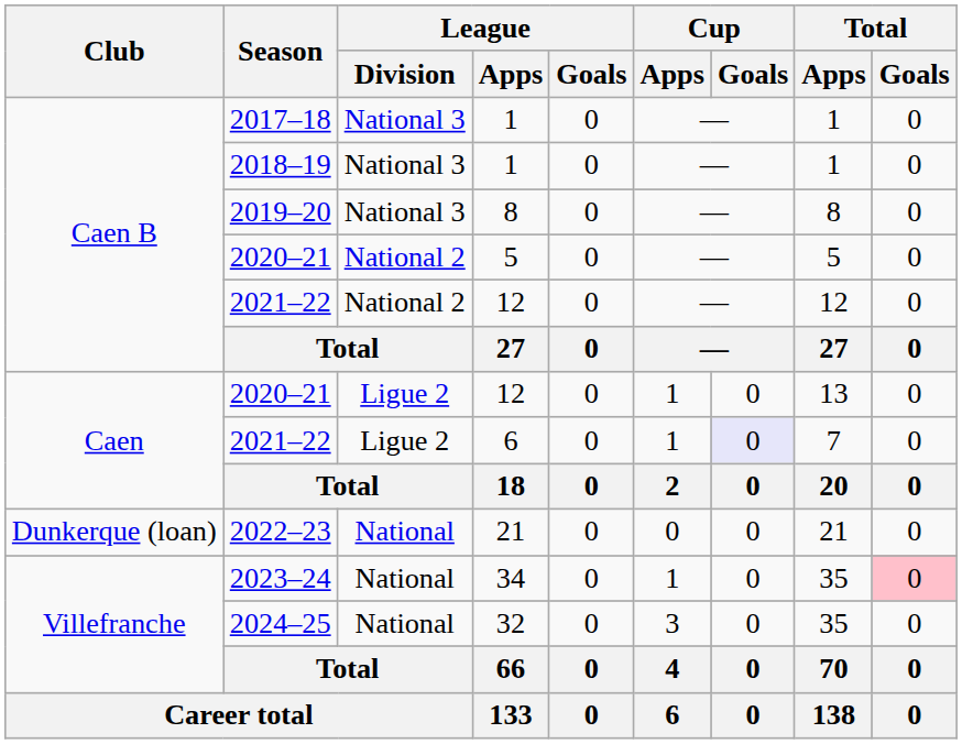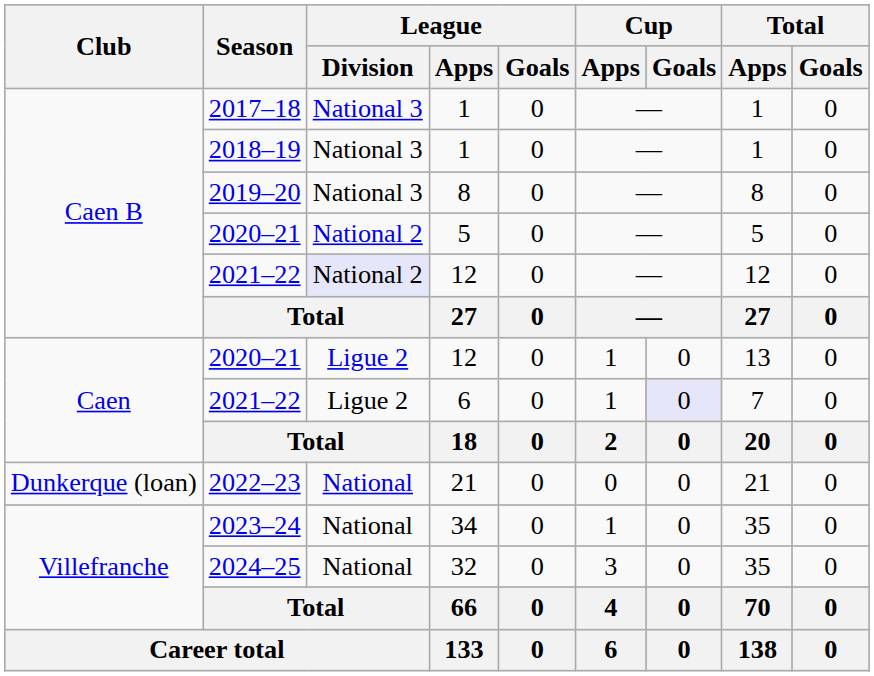 <table class="wikitable" style="text-align:center">
 <tr>
 <th rowspan="2">Club</th>
 <th rowspan="2">Season</th>
 <th colspan="3">League</th>
 <th colspan="2">Cup</th>
 <th colspan="2">Total</th>
 </tr>
 <tr>
 <th>Division</th>
 <th>Apps</th>
 <th>Goals</th>
 <th>Apps</th>
 <th>Goals</th>
 <th>Apps</th>
 <th>Goals</th>
 </tr>
 <tr>
 <td rowspan="6"><a href='#'>Caen B</a></td>
 <td><a href='#'>2017–18</a></td>
 <td><a href='#'>National 3</a></td>
 <td>1</td>
 <td>0</td>
 <td colspan="2">—</td>
 <td>1</td>
 <td>0</td>
 </tr>
 <tr>
 <td><a href='#'>2018–19</a></td>
 <td>National 3</td>
 <td>1</td>
 <td>0</td>
 <td colspan="2">—</td>
 <td>1</td>
 <td>0</td>
 </tr>
 <tr>
 <td><a href='#'>2019–20</a></td>
 <td>National 3</td>
 <td>8</td>
 <td>0</td>
 <td colspan="2">—</td>
 <td>8</td>
 <td>0</td>
 </tr>
 <tr>
 <td><a href='#'>2020–21</a></td>
 <td><a href='#'>National 2</a></td>
 <td>5</td>
 <td>0</td>
 <td colspan="2">—</td>
 <td>5</td>
 <td>0</td>
 </tr>
 <tr>
 <td><a href='#'>2021–22</a></td>
-<td>National 2</td>
+<td style="background: lavender;">National 2</td>
 <td>12</td>
 <td>0</td>
 <td colspan="2">—</td>
 <td>12</td>
 <td>0</td>
 </tr>
 <tr>
 <th colspan="2">Total</th>
 <th>27</th>
 <th>0</th>
 <th colspan="2">—</th>
 <th>27</th>
 <th>0</th>
 </tr>
 <tr>
 <td rowspan="3"><a href='#'>Caen</a></td>
 <td><a href='#'>2020–21</a></td>
 <td><a href='#'>Ligue 2</a></td>
 <td>12</td>
 <td>0</td>
 <td>1</td>
 <td>0</td>
 <td>13</td>
 <td>0</td>
 </tr>
 <tr>
 <td><a href='#'>2021–22</a></td>
 <td>Ligue 2</td>
 <td>6</td>
 <td>0</td>
 <td>1</td>
 <td style="background: lavender;">0</td>
 <td>7</td>
 <td>0</td>
 </tr>
 <tr>
 <th colspan="2">Total</th>
 <th>18</th>
 <th>0</th>
 <th>2</th>
 <th>0</th>
 <th>20</th>
 <th>0</th>
 </tr>
 <tr>
 <td><a href='#'>Dunkerque</a> (loan)</td>
 <td><a href='#'>2022–23</a></td>
 <td><a href='#'>National</a></td>
 <td>21</td>
 <td>0</td>
 <td>0</td>
 <td>0</td>
 <td>21</td>
 <td>0</td>
 </tr>
 <tr>
 <td rowspan="3"><a href='#'>Villefranche</a></td>
 <td><a href='#'>2023–24</a></td>
 <td>National</td>
 <td>34</td>
 <td>0</td>
 <td>1</td>
 <td>0</td>
 <td>35</td>
-<td style="background: pink;">0</td>
+<td>0</td>
 </tr>
 <tr>
 <td><a href='#'>2024–25</a></td>
 <td>National</td>
 <td>32</td>
 <td>0</td>
 <td>3</td>
 <td>0</td>
 <td>35</td>
 <td>0</td>
 </tr>
 <tr>
 <th colspan="2">Total</th>
 <th>66</th>
 <th>0</th>
 <th>4</th>
 <th>0</th>
 <th>70</th>
 <th>0</th>
 </tr>
 <tr>
 <th colspan="3">Career total</th>
 <th>133</th>
 <th>0</th>
 <th>6</th>
 <th>0</th>
 <th>138</th>
 <th>0</th>
 </tr>
 </table>
